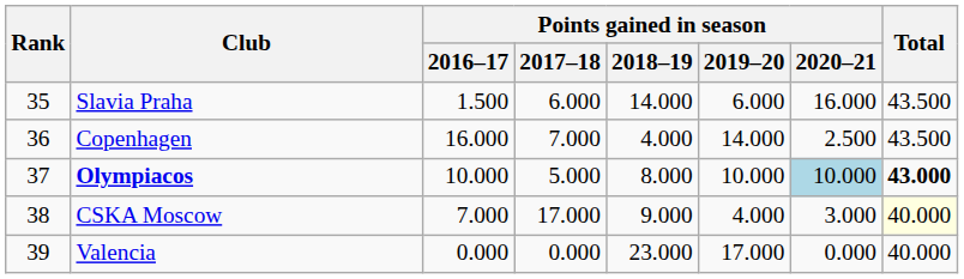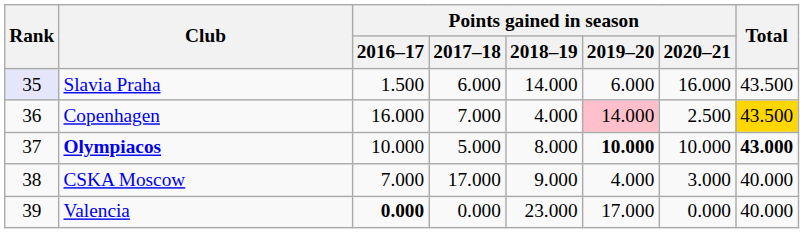 <table class="wikitable sortable" style=" font-size:85%">
 <tr>
 <th scope="col" rowspan=2>Rank</th>
 <th scope="col" rowspan=2 width=200>Club</th>
 <th scope="col" colspan=5>Points gained in season</th>
 <th scope="col" rowspan=2>Total</th>
 </tr>
 <tr>
 <th>2016–17</th>
 <th>2017–18</th>
 <th>2018–19</th>
 <th>2019–20</th>
 <th>2020–21</th>
 </tr>
 <tr align=right>
-<td scope="row" style="text-align:center;">35</td>
+<td scope="row" style="background: lavender; text-align:center;">35</td>
 <td align=left> <a href='#'>Slavia Praha</a></td>
 <td>1.500</td>
 <td>6.000</td>
 <td>14.000</td>
 <td>6.000</td>
 <td>16.000</td>
 <td>43.500</td>
 </tr>
 <tr align=right>
 <td scope="row" style="text-align:center;">36</td>
 <td align=left> <a href='#'>Copenhagen</a></td>
 <td>16.000</td>
 <td>7.000</td>
 <td>4.000</td>
-<td>14.000</td>
+<td style="background: pink;">14.000</td>
 <td>2.500</td>
-<td>43.500</td>
+<td style="background: gold;">43.500</td>
 </tr>
 <tr align=right>
 <td scope="row" style="text-align:center;">37</td>
 <td align=left> <strong><a href='#'>Olympiacos</a></strong></td>
 <td>10.000</td>
 <td>5.000</td>
 <td>8.000</td>
+<td><strong>10.000</strong></td>
 <td>10.000</td>
-<td style="background: lightblue;">10.000</td>
 <td><strong>43.000</strong></td>
 </tr>
 <tr align=right>
 <td scope="row" style="text-align:center;">38</td>
 <td align=left> <a href='#'>CSKA Moscow</a></td>
 <td>7.000</td>
 <td>17.000</td>
 <td>9.000</td>
 <td>4.000</td>
 <td>3.000</td>
-<td style="background: lightyellow;">40.000</td>
+<td>40.000</td>
 </tr>
 <tr align=right>
 <td scope="row" style="text-align:center;">39</td>
 <td align=left> <a href='#'>Valencia</a></td>
-<td>0.000</td>
+<td><strong>0.000</strong></td>
 <td>0.000</td>
 <td>23.000</td>
 <td>17.000</td>
 <td>0.000</td>
 <td>40.000</td>
 </tr>
 </table>
